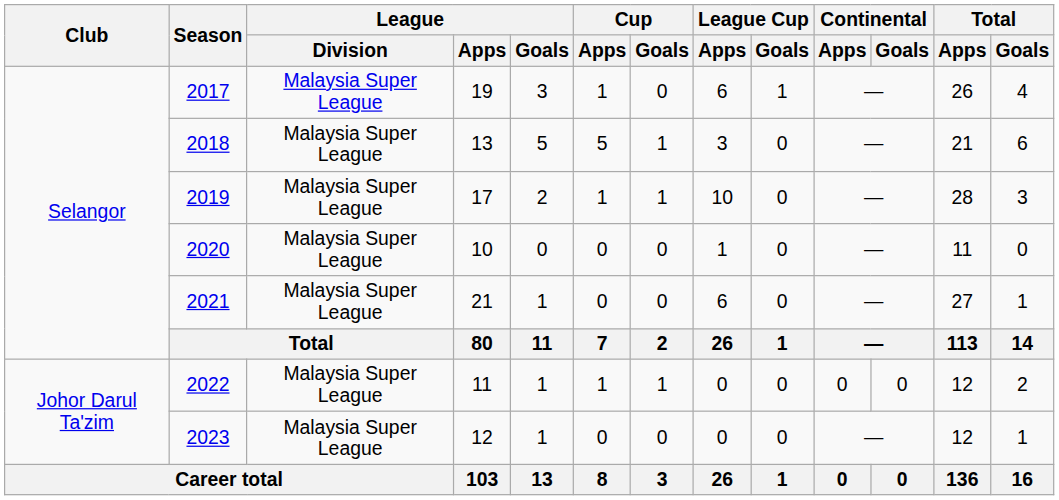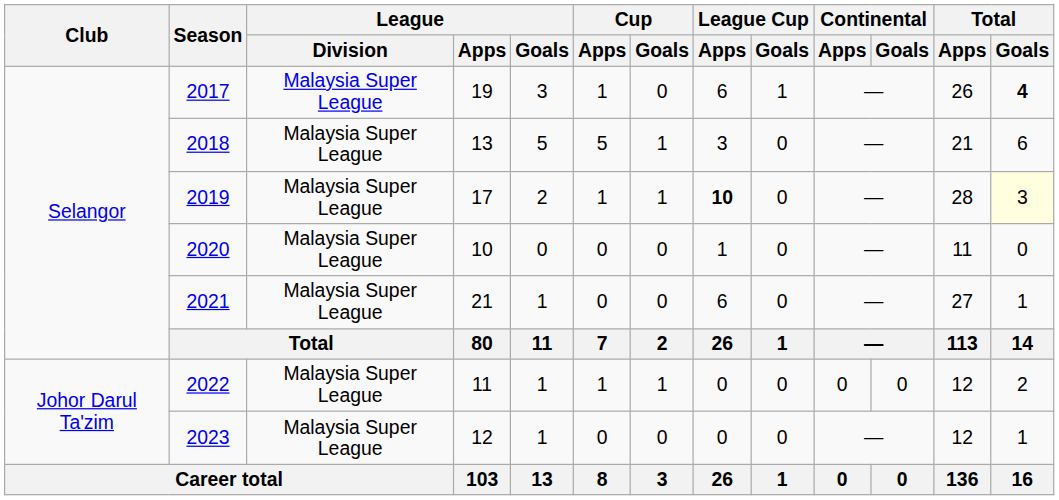 <table class="wikitable" style="text-align: center;">
 <tr>
 <th rowspan="2">Club</th>
 <th rowspan="2">Season</th>
 <th colspan="3">League</th>
 <th colspan="2">Cup</th>
 <th colspan="2">League Cup</th>
 <th colspan="2">Continental</th>
 <th colspan="2">Total</th>
 </tr>
 <tr>
 <th>Division</th>
 <th>Apps</th>
 <th>Goals</th>
 <th>Apps</th>
 <th>Goals</th>
 <th>Apps</th>
 <th>Goals</th>
 <th>Apps</th>
 <th>Goals</th>
 <th>Apps</th>
 <th>Goals</th>
 </tr>
 <tr>
 <td rowspan="6" valign="center"><a href='#'>Selangor</a></td>
 <td><a href='#'>2017</a></td>
 <td rowspan="1" valign="center"><a href='#'>Malaysia Super League</a></td>
 <td>19</td>
 <td>3</td>
 <td>1</td>
 <td>0</td>
 <td>6</td>
 <td>1</td>
 <td colspan=2>—</td>
 <td>26</td>
-<td>4</td>
+<td><strong>4</strong></td>
 </tr>
 <tr>
 <td><a href='#'>2018</a></td>
 <td valign="center">Malaysia Super League</td>
 <td>13</td>
 <td>5</td>
 <td>5</td>
 <td>1</td>
 <td>3</td>
 <td>0</td>
 <td colspan=2>—</td>
 <td>21</td>
 <td>6</td>
 </tr>
 <tr>
 <td><a href='#'>2019</a></td>
 <td valign="center">Malaysia Super League</td>
 <td>17</td>
 <td>2</td>
 <td>1</td>
 <td>1</td>
-<td>10</td>
+<td><strong>10</strong></td>
 <td>0</td>
 <td colspan=2>—</td>
 <td>28</td>
-<td>3</td>
+<td style="background: lightyellow;">3</td>
 </tr>
 <tr>
 <td><a href='#'>2020</a></td>
 <td valign="center">Malaysia Super League</td>
 <td>10</td>
 <td>0</td>
 <td>0</td>
 <td>0</td>
 <td>1</td>
 <td>0</td>
 <td colspan=2>—</td>
 <td>11</td>
 <td>0</td>
 </tr>
 <tr>
 <td><a href='#'>2021</a></td>
 <td valign="center">Malaysia Super League</td>
 <td>21</td>
 <td>1</td>
 <td>0</td>
 <td>0</td>
 <td>6</td>
 <td>0</td>
 <td colspan=2>—</td>
 <td>27</td>
 <td>1</td>
 </tr>
 <tr>
 <th colspan="2">Total</th>
 <th>80</th>
 <th>11</th>
 <th>7</th>
 <th>2</th>
 <th>26</th>
 <th>1</th>
 <th colspan=2>—</th>
 <th>113</th>
 <th>14</th>
 </tr>
 <tr>
 <td rowspan="2"><a href='#'>Johor Darul Ta'zim</a></td>
 <td><a href='#'>2022</a></td>
 <td rowspan="1">Malaysia Super League</td>
 <td>11</td>
 <td>1</td>
 <td>1</td>
 <td>1</td>
 <td>0</td>
 <td>0</td>
 <td>0</td>
 <td>0</td>
 <td>12</td>
 <td>2</td>
 </tr>
 <tr>
 <td><a href='#'>2023</a></td>
 <td valign="center">Malaysia Super League</td>
 <td>12</td>
 <td>1</td>
 <td>0</td>
 <td>0</td>
 <td>0</td>
 <td>0</td>
 <td colspan=2>—</td>
 <td>12</td>
 <td>1</td>
 </tr>
 <tr>
 <th colspan="3">Career total</th>
 <th>103</th>
 <th>13</th>
 <th>8</th>
 <th>3</th>
 <th>26</th>
 <th>1</th>
 <th>0</th>
 <th>0</th>
 <th>136</th>
 <th>16</th>
 </tr>
 </table>
